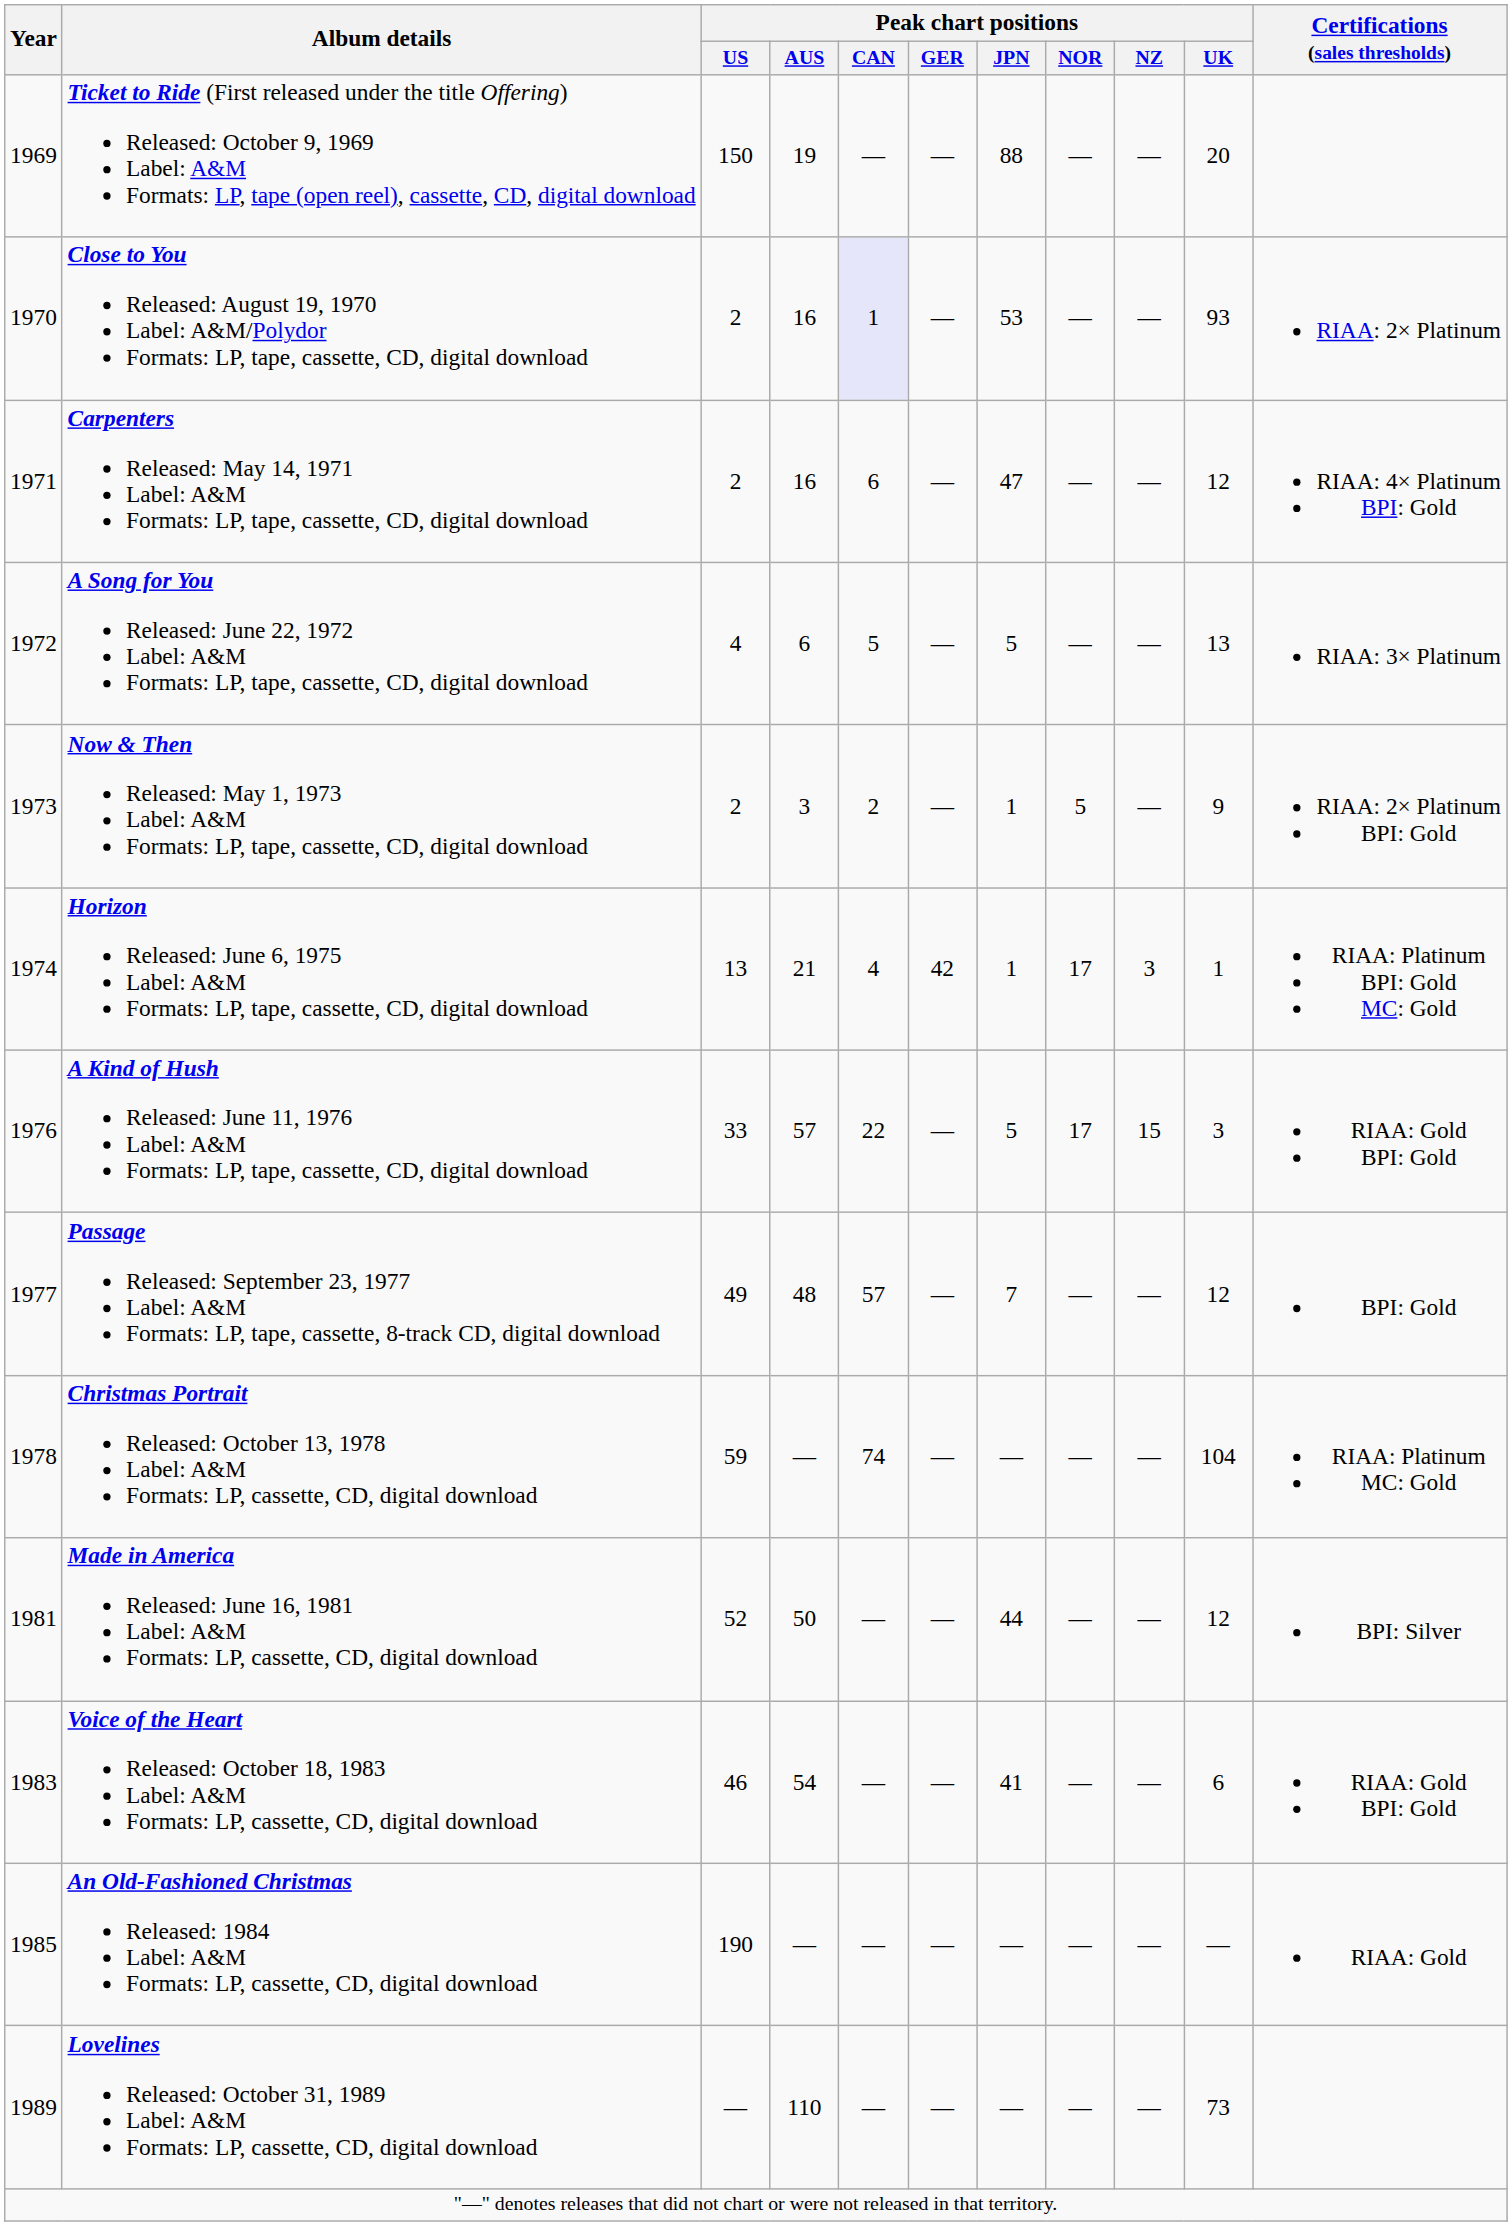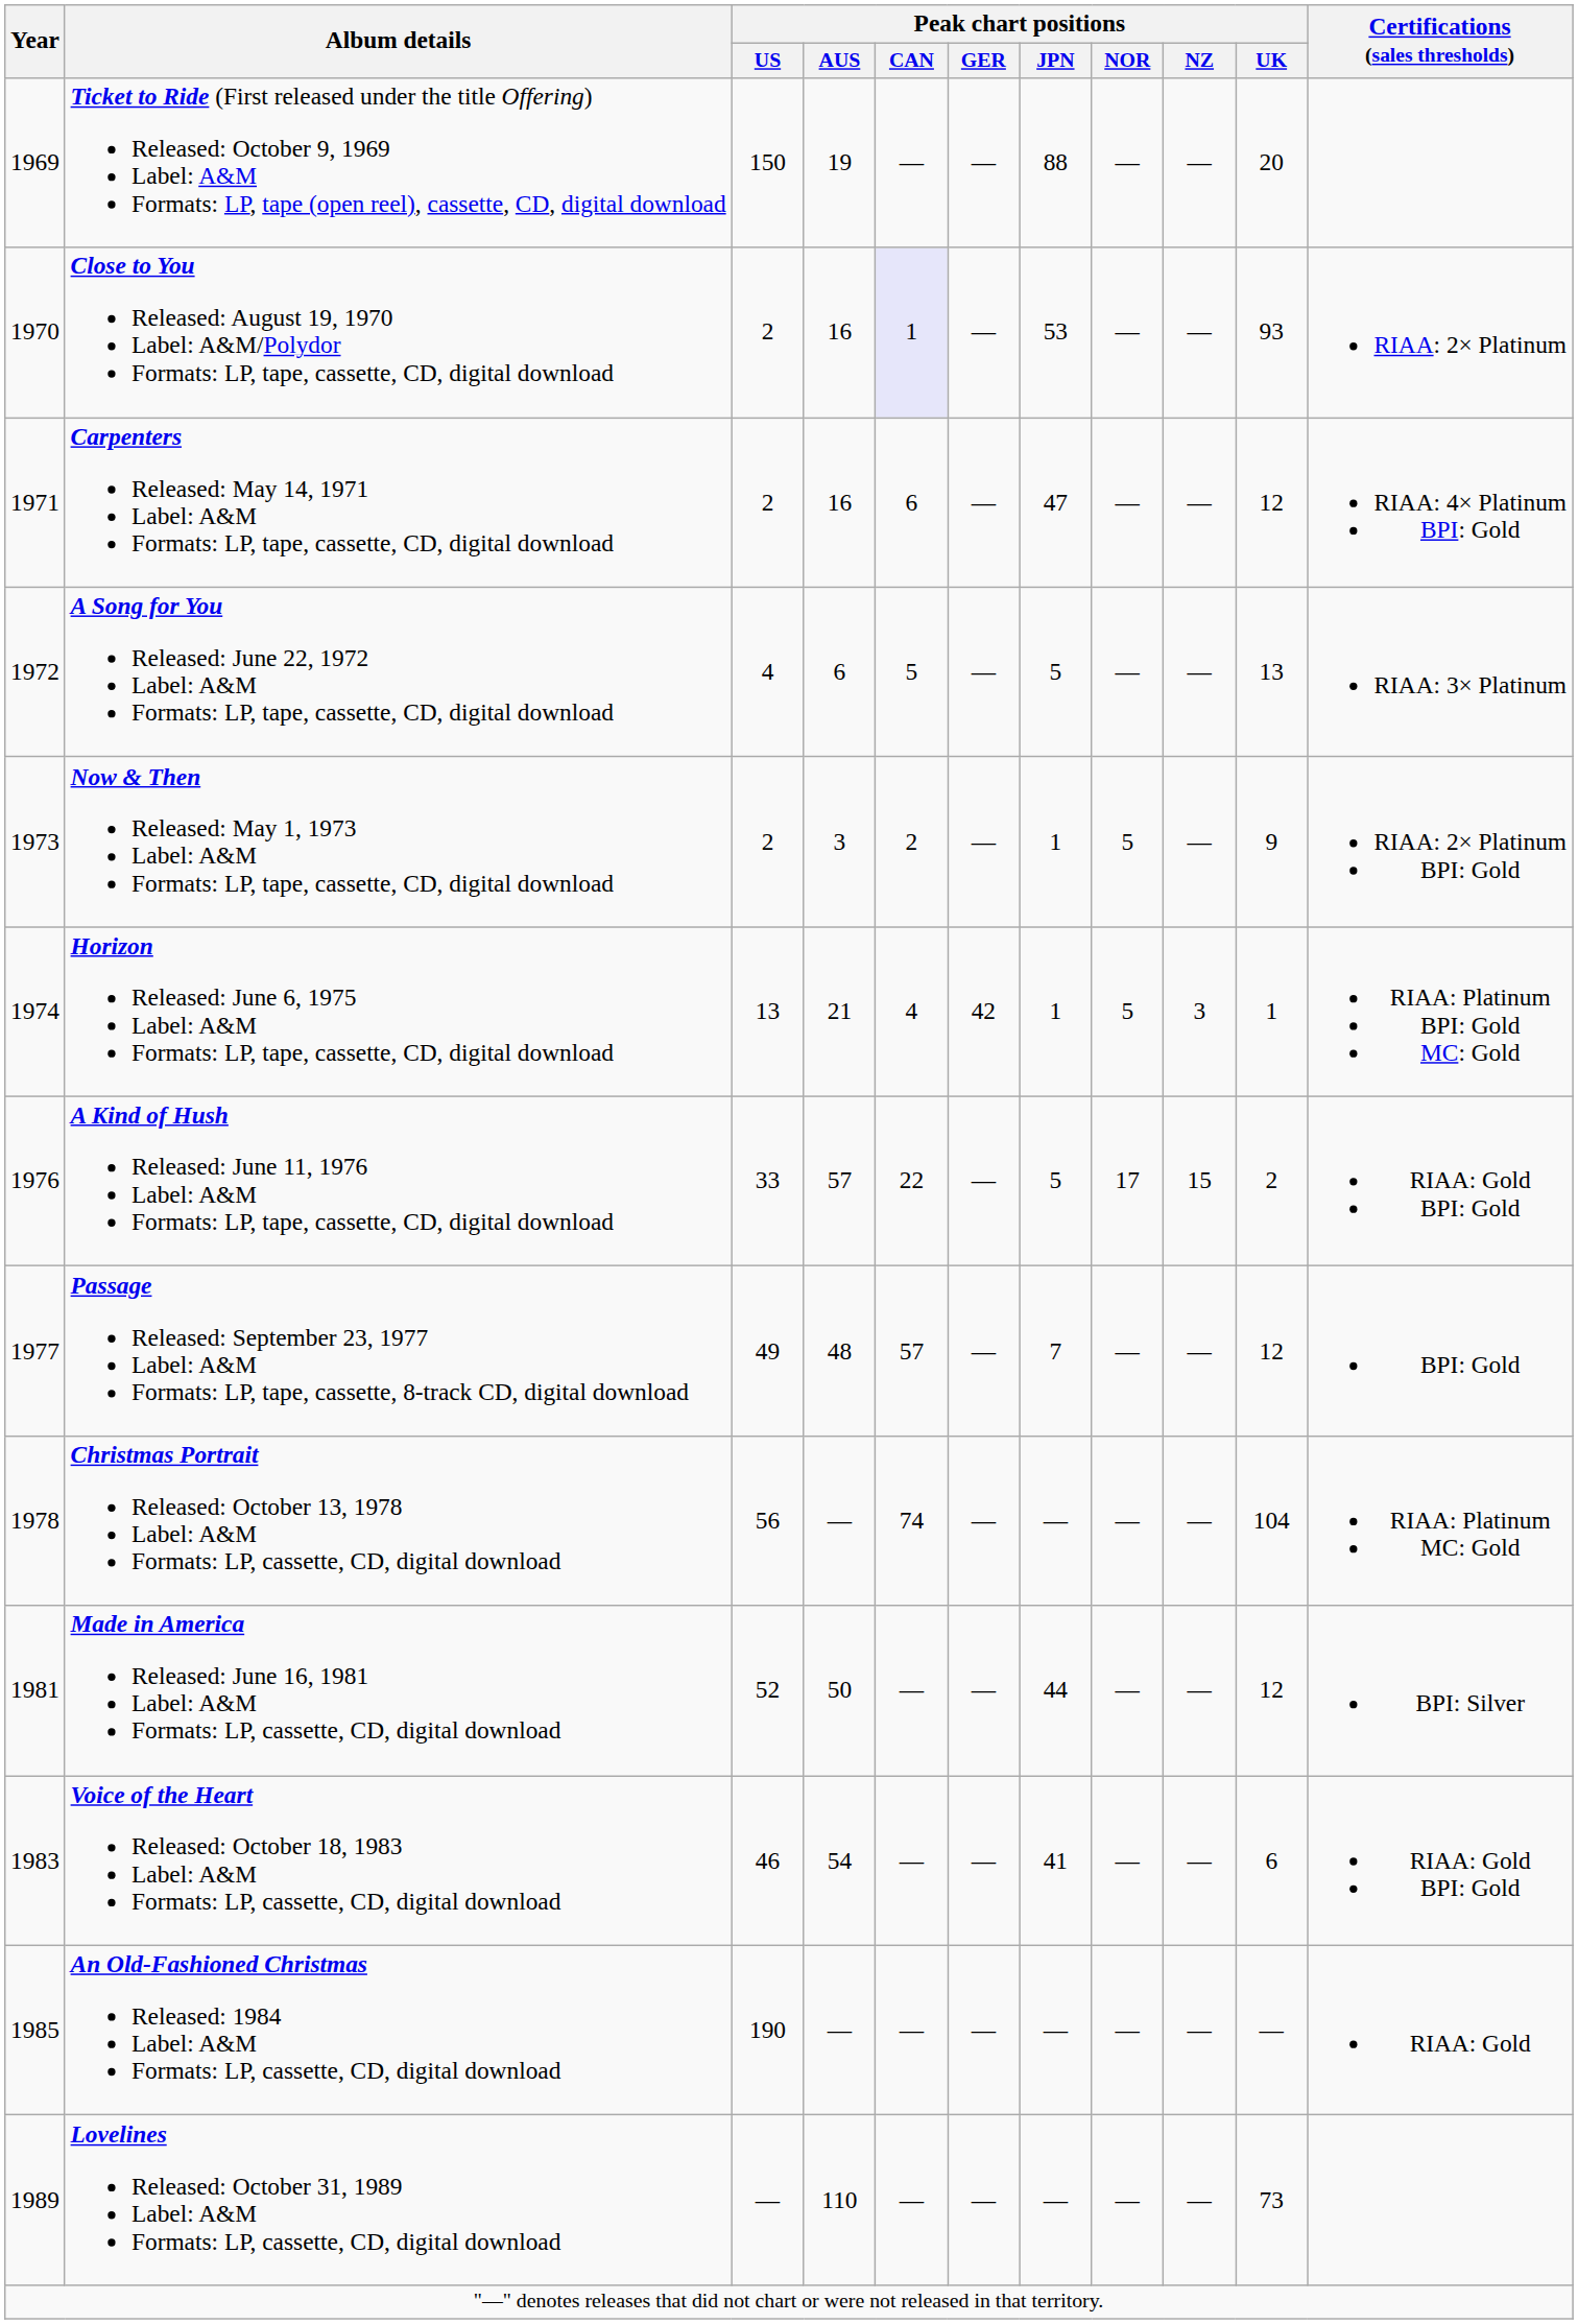 <table class="wikitable" style="text-align:center">
 <tr>
 <th rowspan="2">Year</th>
 <th rowspan="2">Album details</th>
 <th colspan="8">Peak chart positions</th>
 <th rowspan="2"><a href='#'>Certifications</a><br><small>(<a href='#'>sales thresholds</a>)</small></th>
 </tr>
 <tr>
 <th style="width:3em;font-size:85%"><a href='#'>US</a><br></th>
 <th style="width:3em;font-size:85%"><a href='#'>AUS</a><br></th>
 <th style="width:3em;font-size:85%"><a href='#'>CAN</a><br></th>
 <th style="width:3em;font-size:85%"><a href='#'>GER</a><br></th>
 <th style="width:3em;font-size:85%"><a href='#'>JPN</a><br></th>
 <th style="width:3em;font-size:85%"><a href='#'>NOR</a><br></th>
 <th style="width:3em;font-size:85%"><a href='#'>NZ</a><br></th>
 <th style="width:3em;font-size:85%"><a href='#'>UK</a><br></th>
 </tr>
 <tr>
 <td>1969</td>
 <td align="left"><strong><em><a href='#'>Ticket to Ride</a></em></strong> (First released under the title <em>Offering</em>)<br><ul><li>Released: October 9, 1969</li><li>Label: <a href='#'>A&M</a></li><li>Formats: <a href='#'>LP</a>, <a href='#'>tape (open reel)</a>, <a href='#'>cassette</a>, <a href='#'>CD</a>, <a href='#'>digital download</a></li></ul></td>
 <td>150</td>
 <td>19</td>
 <td>—</td>
 <td>—</td>
 <td>88</td>
 <td>—</td>
 <td>—</td>
 <td>20</td>
 <td></td>
 </tr>
 <tr>
 <td>1970</td>
 <td align="left"><strong><em><a href='#'>Close to You</a></em></strong><br><ul><li>Released: August 19, 1970</li><li>Label: A&M/<a href='#'>Polydor</a></li><li>Formats: LP, tape, cassette, CD, digital download</li></ul></td>
 <td>2</td>
 <td>16</td>
 <td style="background: lavender;">1</td>
 <td>—</td>
 <td>53</td>
 <td>—</td>
 <td>—</td>
 <td>93</td>
 <td><br><ul><li><a href='#'>RIAA</a>: 2× Platinum</li></ul></td>
 </tr>
 <tr>
 <td>1971</td>
 <td align="left"><strong><em><a href='#'>Carpenters</a></em></strong><br><ul><li>Released: May 14, 1971</li><li>Label: A&M</li><li>Formats: LP, tape, cassette, CD, digital download</li></ul></td>
 <td>2</td>
 <td>16</td>
 <td>6</td>
 <td>—</td>
 <td>47</td>
 <td>—</td>
 <td>—</td>
 <td>12</td>
 <td><br><ul><li>RIAA: 4× Platinum</li><li><a href='#'>BPI</a>: Gold</li></ul></td>
 </tr>
 <tr>
 <td>1972</td>
 <td align="left"><strong><em><a href='#'>A Song for You</a></em></strong><br><ul><li>Released: June 22, 1972</li><li>Label: A&M</li><li>Formats: LP, tape, cassette, CD, digital download</li></ul></td>
 <td>4</td>
 <td>6</td>
 <td>5</td>
 <td>—</td>
 <td>5</td>
 <td>—</td>
 <td>—</td>
 <td>13</td>
 <td><br><ul><li>RIAA: 3× Platinum</li></ul></td>
 </tr>
 <tr>
 <td>1973</td>
 <td align="left"><strong><em><a href='#'>Now & Then</a></em></strong><br><ul><li>Released: May 1, 1973</li><li>Label: A&M</li><li>Formats: LP, tape, cassette, CD, digital download</li></ul></td>
 <td>2</td>
 <td>3</td>
 <td>2</td>
 <td>—</td>
 <td>1</td>
 <td>5</td>
 <td>—</td>
 <td>9</td>
 <td><br><ul><li>RIAA: 2× Platinum</li><li>BPI: Gold</li></ul></td>
 </tr>
 <tr>
 <td>1974</td>
 <td align="left"><strong><em><a href='#'>Horizon</a></em></strong><br><ul><li>Released: June 6, 1975</li><li>Label: A&M</li><li>Formats: LP, tape, cassette, CD, digital download</li></ul></td>
 <td>13</td>
 <td>21</td>
 <td>4</td>
 <td>42</td>
 <td>1</td>
-<td>17</td>
+<td>5</td>
 <td>3</td>
 <td>1</td>
 <td><br><ul><li>RIAA: Platinum</li><li>BPI: Gold</li><li><a href='#'>MC</a>: Gold</li></ul></td>
 </tr>
 <tr>
 <td>1976</td>
 <td align="left"><strong><em><a href='#'>A Kind of Hush</a></em></strong><br><ul><li>Released: June 11, 1976</li><li>Label: A&M</li><li>Formats: LP, tape, cassette, CD, digital download</li></ul></td>
 <td>33</td>
 <td>57</td>
 <td>22</td>
 <td>—</td>
 <td>5</td>
 <td>17</td>
 <td>15</td>
-<td>3</td>
+<td>2</td>
 <td><br><ul><li>RIAA: Gold</li><li>BPI: Gold</li></ul></td>
 </tr>
 <tr>
 <td>1977</td>
 <td align="left"><strong><em><a href='#'>Passage</a></em></strong><br><ul><li>Released: September 23, 1977</li><li>Label: A&M</li><li>Formats: LP, tape, cassette, 8-track CD, digital download</li></ul></td>
 <td>49</td>
 <td>48</td>
 <td>57</td>
 <td>—</td>
 <td>7</td>
 <td>—</td>
 <td>—</td>
 <td>12</td>
 <td><br><ul><li>BPI: Gold</li></ul></td>
 </tr>
 <tr>
 <td>1978</td>
 <td align="left"><strong><em><a href='#'>Christmas Portrait</a></em></strong><br><ul><li>Released: October 13, 1978</li><li>Label: A&M</li><li>Formats: LP, cassette, CD, digital download</li></ul></td>
-<td>59</td>
+<td>56</td>
 <td>—</td>
 <td>74</td>
 <td>—</td>
 <td>—</td>
 <td>—</td>
 <td>—</td>
 <td>104</td>
 <td><br><ul><li>RIAA: Platinum</li><li>MC: Gold</li></ul></td>
 </tr>
 <tr>
 <td>1981</td>
 <td align="left"><strong><em><a href='#'>Made in America</a></em></strong><br><ul><li>Released: June 16, 1981</li><li>Label: A&M</li><li>Formats: LP, cassette, CD, digital download</li></ul></td>
 <td>52</td>
 <td>50</td>
 <td>—</td>
 <td>—</td>
 <td>44</td>
 <td>—</td>
 <td>—</td>
 <td>12</td>
 <td><br><ul><li>BPI: Silver</li></ul></td>
 </tr>
 <tr>
 <td>1983</td>
 <td align="left"><strong><em><a href='#'>Voice of the Heart</a></em></strong><br><ul><li>Released: October 18, 1983</li><li>Label: A&M</li><li>Formats: LP, cassette, CD, digital download</li></ul></td>
 <td>46</td>
 <td>54</td>
 <td>—</td>
 <td>—</td>
 <td>41</td>
 <td>—</td>
 <td>—</td>
 <td>6</td>
 <td><br><ul><li>RIAA: Gold</li><li>BPI: Gold</li></ul></td>
 </tr>
 <tr>
 <td>1985</td>
 <td align="left"><strong><em><a href='#'>An Old-Fashioned Christmas</a></em></strong><br><ul><li>Released: 1984</li><li>Label: A&M</li><li>Formats: LP, cassette, CD, digital download</li></ul></td>
 <td>190</td>
 <td>—</td>
 <td>—</td>
 <td>—</td>
 <td>—</td>
 <td>—</td>
 <td>—</td>
 <td>—</td>
 <td><br><ul><li>RIAA: Gold</li></ul></td>
 </tr>
 <tr>
 <td>1989</td>
 <td align="left"><strong><em><a href='#'>Lovelines</a></em></strong><br><ul><li>Released: October 31, 1989</li><li>Label: A&M</li><li>Formats: LP, cassette, CD, digital download</li></ul></td>
 <td>—</td>
 <td>110</td>
 <td>—</td>
 <td>—</td>
 <td>—</td>
 <td>—</td>
 <td>—</td>
 <td>73</td>
 <td></td>
 </tr>
 <tr>
 <td align="center" colspan="11" style="font-size:85%">"—" denotes releases that did not chart or were not released in that territory.</td>
 </tr>
 </table>
